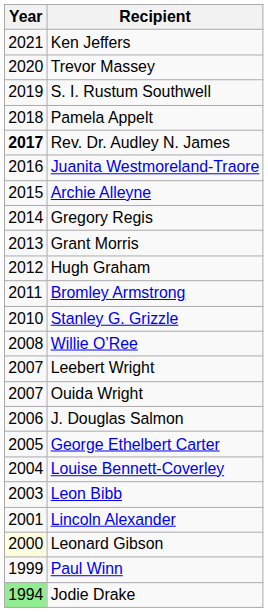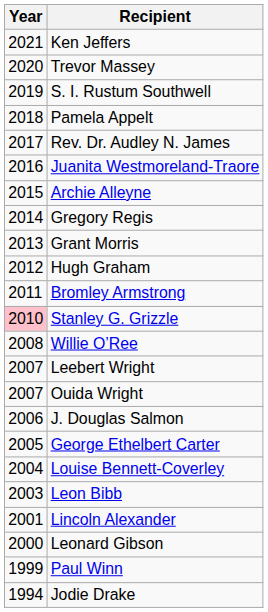 <table class="wikitable sortable">
 <tr>
 <th>Year</th>
 <th>Recipient</th>
 </tr>
 <tr>
 <td>2021</td>
 <td>Ken Jeffers</td>
 </tr>
 <tr>
 <td>2020</td>
 <td>Trevor Massey</td>
 </tr>
 <tr>
 <td>2019</td>
 <td>S. I. Rustum Southwell</td>
 </tr>
 <tr>
 <td>2018</td>
 <td>Pamela Appelt</td>
 </tr>
 <tr>
-<td><strong>2017</strong></td>
+<td>2017</td>
 <td>Rev. Dr. Audley N. James</td>
 </tr>
 <tr>
 <td>2016</td>
 <td><a href='#'>Juanita Westmoreland-Traore</a></td>
 </tr>
 <tr>
 <td>2015</td>
 <td><a href='#'>Archie Alleyne</a></td>
 </tr>
 <tr>
 <td>2014</td>
 <td>Gregory Regis</td>
 </tr>
 <tr>
 <td>2013</td>
 <td>Grant Morris</td>
 </tr>
 <tr>
 <td>2012</td>
 <td>Hugh Graham</td>
 </tr>
 <tr>
 <td>2011</td>
 <td><a href='#'>Bromley Armstrong</a></td>
 </tr>
 <tr>
-<td>2010</td>
+<td style="background: pink;">2010</td>
 <td><a href='#'>Stanley G. Grizzle</a></td>
 </tr>
 <tr>
 <td>2008</td>
 <td><a href='#'>Willie O’Ree</a></td>
 </tr>
 <tr>
 <td>2007</td>
 <td>Leebert Wright</td>
 </tr>
 <tr>
 <td>2007</td>
 <td>Ouida Wright</td>
 </tr>
 <tr>
 <td>2006</td>
 <td>J. Douglas Salmon</td>
 </tr>
 <tr>
 <td>2005</td>
 <td><a href='#'>George Ethelbert Carter</a></td>
 </tr>
 <tr>
 <td>2004</td>
 <td><a href='#'>Louise Bennett-Coverley</a></td>
 </tr>
 <tr>
 <td>2003</td>
 <td><a href='#'>Leon Bibb</a></td>
 </tr>
 <tr>
 <td>2001</td>
 <td><a href='#'>Lincoln Alexander</a></td>
 </tr>
 <tr>
-<td style="background: lightyellow;">2000</td>
+<td>2000</td>
 <td>Leonard Gibson</td>
 </tr>
 <tr>
 <td>1999</td>
 <td><a href='#'>Paul Winn</a></td>
 </tr>
 <tr>
-<td style="background: lightgreen;">1994</td>
+<td>1994</td>
 <td>Jodie Drake</td>
 </tr>
 </table>
